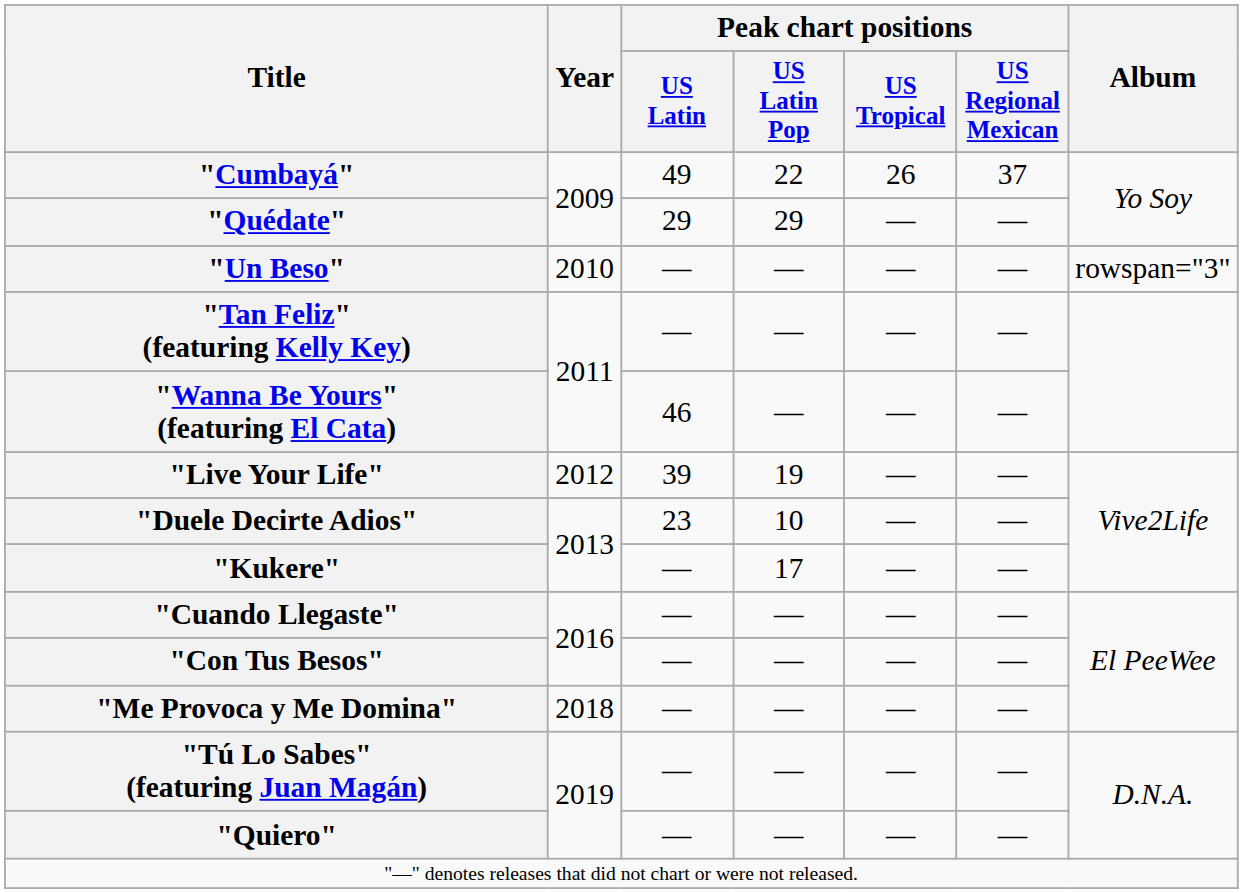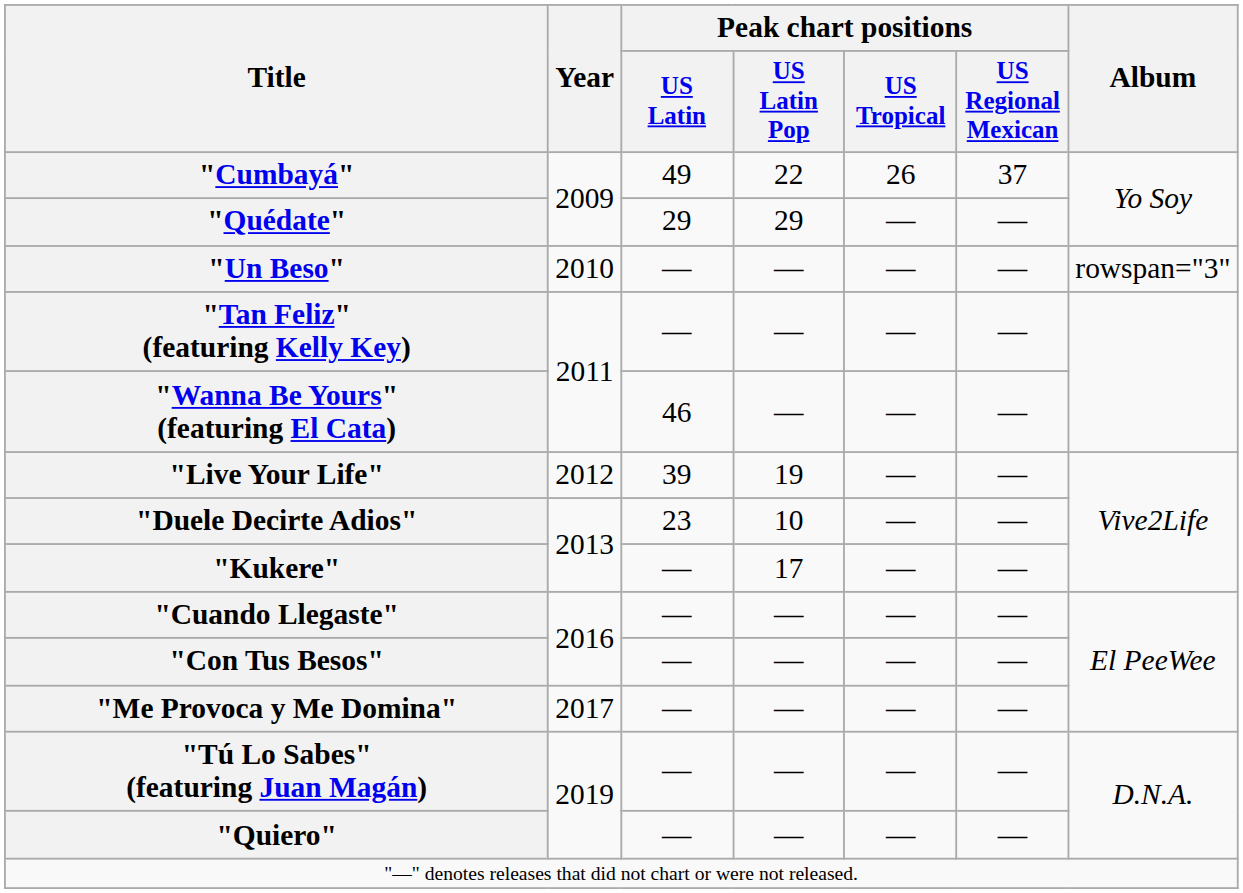 <table class="wikitable plainrowheaders" style="text-align:center;">
 <tr>
 <th scope="col" rowspan="2" style="width:18em;">Title</th>
 <th scope="col" rowspan="2">Year</th>
 <th scope="col" colspan="4">Peak chart positions</th>
 <th scope="col" rowspan="2">Album</th>
 </tr>
 <tr>
 <th scope="col" style="width:4em;font-size:85%;"><a href='#'>US<br>Latin</a></th>
 <th scope="col" style="width:4em;font-size:85%;"><a href='#'>US<br>Latin Pop</a></th>
 <th scope="col" style="width:4em;font-size:85%;"><a href='#'>US<br>Tropical</a></th>
 <th scope="col" style="width:4em;font-size:85%;"><a href='#'>US<br>Regional<br>Mexican</a></th>
 </tr>
 <tr>
 <th scope="row">"<a href='#'>Cumbayá</a>"</th>
 <td rowspan="2">2009</td>
 <td>49</td>
 <td>22</td>
 <td>26</td>
 <td>37</td>
 <td rowspan="2"><em>Yo Soy</em></td>
 </tr>
 <tr>
 <th scope="row">"<a href='#'>Quédate</a>"</th>
 <td>29</td>
 <td>29</td>
 <td>—</td>
 <td>—</td>
 </tr>
 <tr>
 <th scope="row">"<a href='#'>Un Beso</a>"</th>
 <td>2010</td>
 <td>—</td>
 <td>—</td>
 <td>—</td>
 <td>—</td>
 <td>rowspan="3" </td>
 </tr>
 <tr>
 <th scope="row">"<a href='#'>Tan Feliz</a>"<br><span>(featuring <a href='#'>Kelly Key</a>)</span></th>
 <td rowspan="2">2011</td>
 <td>—</td>
 <td>—</td>
 <td>—</td>
 <td>—</td>
 </tr>
 <tr>
 <th scope="row">"<a href='#'>Wanna Be Yours</a>"<br><span>(featuring <a href='#'>El Cata</a>)</span></th>
 <td>46</td>
 <td>—</td>
 <td>—</td>
 <td>—</td>
 </tr>
 <tr>
 <th scope="row">"Live Your Life"</th>
 <td>2012</td>
 <td>39</td>
 <td>19</td>
 <td>—</td>
 <td>—</td>
 <td rowspan="3"><em>Vive2Life</em><br></td>
 </tr>
 <tr>
 <th scope="row">"Duele Decirte Adios"</th>
 <td rowspan="2">2013</td>
 <td>23</td>
 <td>10</td>
 <td>—</td>
 <td>—</td>
 </tr>
 <tr>
 <th scope="row">"Kukere"</th>
 <td>—</td>
 <td>17</td>
 <td>—</td>
 <td>—</td>
 </tr>
 <tr>
 <th scope="row">"Cuando Llegaste"</th>
 <td rowspan="2">2016</td>
 <td>—</td>
 <td>—</td>
 <td>—</td>
 <td>—</td>
 <td rowspan="3"><em>El PeeWee</em></td>
 </tr>
 <tr>
 <th scope="row">"Con Tus Besos"</th>
 <td>—</td>
 <td>—</td>
 <td>—</td>
 <td>—</td>
 </tr>
 <tr>
 <th scope="row">"Me Provoca y Me Domina"</th>
-<td>2018</td>
+<td>2017</td>
 <td>—</td>
 <td>—</td>
 <td>—</td>
 <td>—</td>
 </tr>
 <tr>
 <th scope="row">"Tú Lo Sabes"<br><span>(featuring <a href='#'>Juan Magán</a>)</span></th>
 <td rowspan="2">2019</td>
 <td>—</td>
 <td>—</td>
 <td>—</td>
 <td>—</td>
 <td rowspan="2"><em>D.N.A.</em></td>
 </tr>
 <tr>
 <th scope="row">"Quiero"</th>
 <td>—</td>
 <td>—</td>
 <td>—</td>
 <td>—</td>
 </tr>
 <tr>
 <td colspan="13" style="text-align:center; font-size:8pt;">"—" denotes releases that did not chart or were not released.</td>
 </tr>
 </table>
